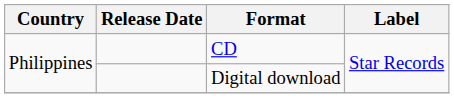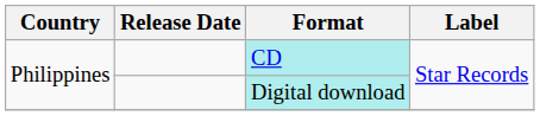 <table class="wikitable">
 <tr>
 <th>Country</th>
 <th>Release Date</th>
 <th>Format</th>
 <th>Label</th>
 </tr>
 <tr>
 <td rowspan="2">Philippines</td>
 <td></td>
-<td><a href='#'>CD</a></td>
+<td style="background: paleturquoise;"><a href='#'>CD</a></td>
 <td rowspan="2"><a href='#'>Star Records</a></td>
 </tr>
 <tr>
 <td></td>
-<td>Digital download</td>
+<td style="background: paleturquoise;">Digital download</td>
 </tr>
 <tr>
 </tr>
 </table>
